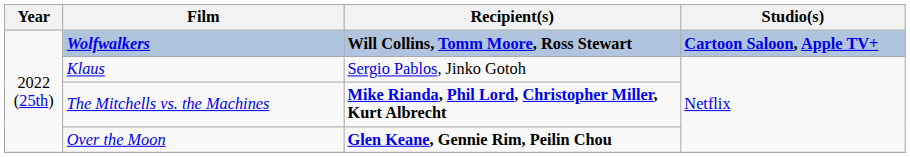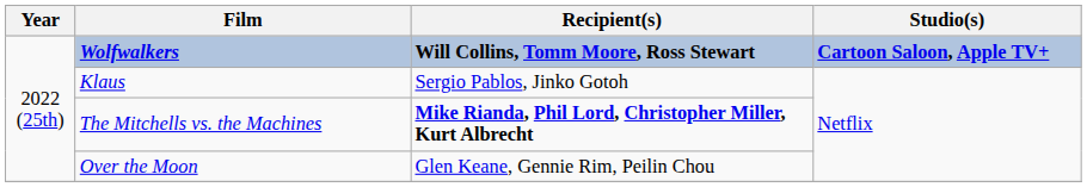 <table class="wikitable" style="width:100%">
 <tr bgcolor="#CCCCCC" align="center">
 <th width="5%">Year</th>
 <th width="25%">Film</th>
 <th width="30%">Recipient(s)</th>
 <th width="20%">Studio(s)</th>
 </tr>
 <tr>
 <td rowspan="4" style="text-align:center;">2022<br>(<a href='#'>25th</a>)<br></td>
 <td style="background:#B0C4DE;"><strong><em><a href='#'>Wolfwalkers</a></em></strong></td>
 <td style="background:#B0C4DE;"><strong>Will Collins, <a href='#'>Tomm Moore</a>, Ross Stewart</strong></td>
 <td style="background:#B0C4DE;"><strong><a href='#'>Cartoon Saloon</a>, <a href='#'>Apple TV+</a></strong></td>
 </tr>
 <tr>
 <td><em><a href='#'>Klaus</a></em></td>
 <td><a href='#'>Sergio Pablos</a>, Jinko Gotoh</td>
 <td rowspan="3"><a href='#'>Netflix</a></td>
 </tr>
 <tr>
 <td><em><a href='#'>The Mitchells vs. the Machines</a></em></td>
 <td><strong><a href='#'>Mike Rianda</a>, <a href='#'>Phil Lord</a>, <a href='#'>Christopher Miller</a>, Kurt Albrecht</strong></td>
 </tr>
 <tr>
 <td><em><a href='#'>Over the Moon</a></em></td>
-<td><strong><a href='#'>Glen Keane</a>, Gennie Rim, Peilin Chou</strong></td>
+<td><a href='#'>Glen Keane</a>, Gennie Rim, Peilin Chou</td>
 </tr>
 <tr>
 </tr>
 </table>
